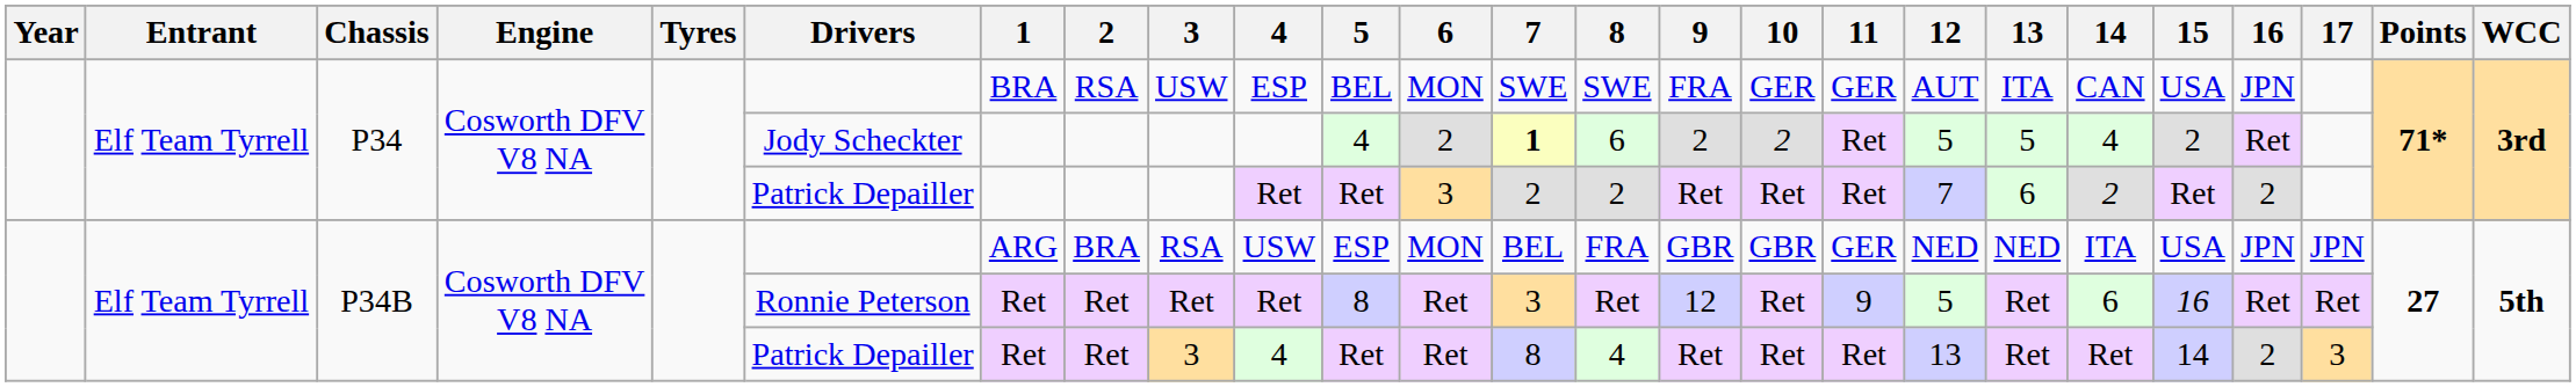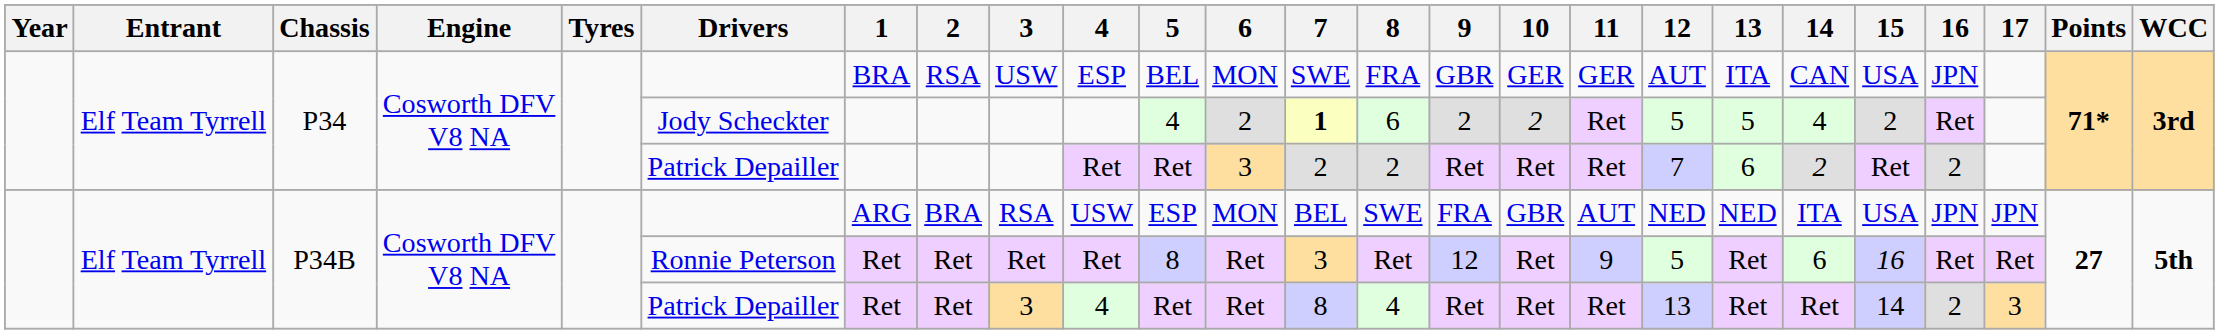 <table class="wikitable" style="text-align:center; font-size:95%">
 <tr>
 <th>Year</th>
 <th>Entrant</th>
 <th>Chassis</th>
 <th>Engine</th>
 <th>Tyres</th>
 <th>Drivers</th>
 <th>1</th>
 <th>2</th>
 <th>3</th>
 <th>4</th>
 <th>5</th>
 <th>6</th>
 <th>7</th>
 <th>8</th>
 <th>9</th>
 <th>10</th>
 <th>11</th>
 <th>12</th>
 <th>13</th>
 <th>14</th>
 <th>15</th>
 <th>16</th>
 <th>17</th>
 <th>Points</th>
 <th>WCC</th>
 </tr>
 <tr>
 <td rowspan="3"></td>
 <td rowspan="3"><a href='#'>Elf</a> <a href='#'>Team Tyrrell</a></td>
 <td rowspan="3">P34</td>
 <td rowspan="3"><a href='#'>Cosworth DFV</a><br><a href='#'>V8</a> <a href='#'>NA</a></td>
 <td rowspan="3"></td>
 <td></td>
 <td><a href='#'>BRA</a></td>
 <td><a href='#'>RSA</a></td>
 <td><a href='#'>USW</a></td>
 <td><a href='#'>ESP</a></td>
 <td><a href='#'>BEL</a></td>
 <td><a href='#'>MON</a></td>
 <td><a href='#'>SWE</a></td>
-<td><a href='#'>SWE</a></td>
 <td><a href='#'>FRA</a></td>
+<td><a href='#'>GBR</a></td>
 <td><a href='#'>GER</a></td>
 <td><a href='#'>GER</a></td>
 <td><a href='#'>AUT</a></td>
 <td><a href='#'>ITA</a></td>
 <td><a href='#'>CAN</a></td>
 <td><a href='#'>USA</a></td>
 <td><a href='#'>JPN</a></td>
 <td></td>
 <td rowspan="3" style="background:#FFDF9F;"><strong>71*</strong></td>
 <td rowspan="3" style="background:#FFDF9F;"><strong>3rd</strong></td>
 </tr>
 <tr>
 <td><a href='#'>Jody Scheckter</a></td>
 <td></td>
 <td></td>
 <td></td>
 <td></td>
 <td style="background:#DFFFDF;">4</td>
 <td style="background:#DFDFDF;">2</td>
 <td style="background:#FBFFBF;"><strong>1</strong></td>
 <td style="background:#DFFFDF;">6</td>
 <td style="background:#DFDFDF;">2</td>
 <td style="background:#DFDFDF;"><em>2</em></td>
 <td style="background:#EFCFFF;">Ret</td>
 <td style="background:#DFFFDF;">5</td>
 <td style="background:#DFFFDF;">5</td>
 <td style="background:#DFFFDF;">4</td>
 <td style="background:#DFDFDF;">2</td>
 <td style="background:#EFCFFF;">Ret</td>
 <td></td>
 </tr>
 <tr>
 <td><a href='#'>Patrick Depailler</a></td>
 <td></td>
 <td></td>
 <td></td>
 <td style="background:#EFCFFF;">Ret</td>
 <td style="background:#EFCFFF;">Ret</td>
 <td style="background:#FFDF9F;">3</td>
 <td style="background:#DFDFDF;">2</td>
 <td style="background:#DFDFDF;">2</td>
 <td style="background:#EFCFFF;">Ret</td>
 <td style="background:#EFCFFF;">Ret</td>
 <td style="background:#EFCFFF;">Ret</td>
 <td style="background:#CFCFFF;">7</td>
 <td style="background:#DFFFDF;">6</td>
 <td style="background:#DFDFDF;"><em>2</em></td>
 <td style="background:#EFCFFF;">Ret</td>
 <td style="background:#DFDFDF;">2</td>
 <td></td>
 </tr>
 <tr>
 <td rowspan="3"></td>
 <td rowspan="3"><a href='#'>Elf</a> <a href='#'>Team Tyrrell</a></td>
 <td rowspan="3">P34B</td>
 <td rowspan="3"><a href='#'>Cosworth DFV</a><br><a href='#'>V8</a> <a href='#'>NA</a></td>
 <td rowspan="3"></td>
 <td></td>
 <td><a href='#'>ARG</a></td>
 <td><a href='#'>BRA</a></td>
 <td><a href='#'>RSA</a></td>
 <td><a href='#'>USW</a></td>
 <td><a href='#'>ESP</a></td>
 <td><a href='#'>MON</a></td>
 <td><a href='#'>BEL</a></td>
+<td><a href='#'>SWE</a></td>
 <td><a href='#'>FRA</a></td>
 <td><a href='#'>GBR</a></td>
-<td><a href='#'>GBR</a></td>
-<td><a href='#'>GER</a></td>
+<td><a href='#'>AUT</a></td>
 <td><a href='#'>NED</a></td>
 <td><a href='#'>NED</a></td>
 <td><a href='#'>ITA</a></td>
 <td><a href='#'>USA</a></td>
 <td><a href='#'>JPN</a></td>
 <td><a href='#'>JPN</a></td>
 <td rowspan="3"><strong>27</strong></td>
 <td rowspan="3"><strong>5th</strong></td>
 </tr>
 <tr>
 <td><a href='#'>Ronnie Peterson</a></td>
 <td style="background:#EFCFFF;">Ret</td>
 <td style="background:#EFCFFF;">Ret</td>
 <td style="background:#EFCFFF;">Ret</td>
 <td style="background:#EFCFFF;">Ret</td>
 <td style="background:#CFCFFF;">8</td>
 <td style="background:#EFCFFF;">Ret</td>
 <td style="background:#FFDF9F;">3</td>
 <td style="background:#EFCFFF;">Ret</td>
 <td style="background:#CFCFFF;">12</td>
 <td style="background:#EFCFFF;">Ret</td>
 <td style="background:#CFCFFF;">9</td>
 <td style="background:#DFFFDF;">5</td>
 <td style="background:#EFCFFF;">Ret</td>
 <td style="background:#DFFFDF;">6</td>
 <td style="background:#CFCFFF;"><em>16</em></td>
 <td style="background:#EFCFFF;">Ret</td>
 <td style="background:#EFCFFF;">Ret</td>
 </tr>
 <tr>
 <td><a href='#'>Patrick Depailler</a></td>
 <td style="background:#EFCFFF;">Ret</td>
 <td style="background:#EFCFFF;">Ret</td>
 <td style="background:#FFDF9F;">3</td>
 <td style="background:#DFFFDF;">4</td>
 <td style="background:#EFCFFF;">Ret</td>
 <td style="background:#EFCFFF;">Ret</td>
 <td style="background:#CFCFFF;">8</td>
 <td style="background:#DFFFDF;">4</td>
 <td style="background:#EFCFFF;">Ret</td>
 <td style="background:#EFCFFF;">Ret</td>
 <td style="background:#EFCFFF;">Ret</td>
 <td style="background:#CFCFFF;">13</td>
 <td style="background:#EFCFFF;">Ret</td>
 <td style="background:#EFCFFF;">Ret</td>
 <td style="background:#CFCFFF;">14</td>
 <td style="background:#DFDFDF;">2</td>
 <td style="background:#FFDF9F;">3</td>
 </tr>
 </table>
